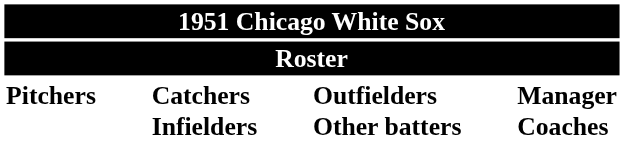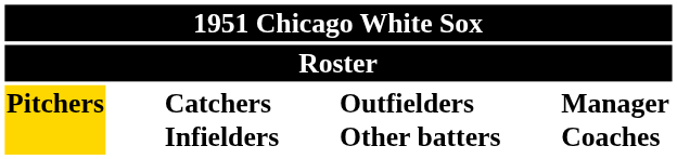 <table class="toccolours" style="font-size: 95%;">
 <tr>
 <th colspan="10" style="background-color: black; color: white; text-align: center;">1951 Chicago White Sox</th>
 </tr>
 <tr>
 <td colspan="10" style="background-color: black; color: white; text-align: center;"><strong>Roster</strong></td>
 </tr>
 <tr>
-<td valign="top"><strong>Pitchers</strong><br>              </td>
+<td valign="top" style="background: gold;"><strong>Pitchers</strong><br>              </td>
 <td width="25px"></td>
 <td valign="top"><strong>Catchers</strong><br>      <strong>Infielders</strong>          </td>
 <td width="25px"></td>
 <td valign="top"><strong>Outfielders</strong><br>         <strong>Other batters</strong> </td>
 <td width="25px"></td>
 <td valign="top"><strong>Manager</strong><br> <strong>Coaches</strong>    </td>
 </tr>
 </table>
